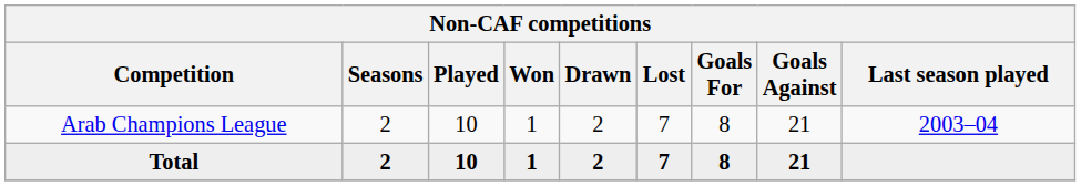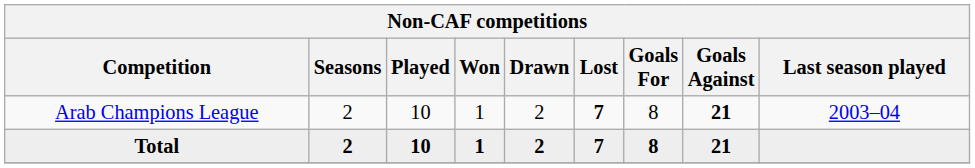 <table class="wikitable" style="font-size:95%; text-align: center;">
 <tr>
 <th colspan="9">Non-CAF competitions</th>
 </tr>
 <tr>
 <th width="220">Competition</th>
 <th width="30">Seasons</th>
 <th width="30">Played</th>
 <th width="30">Won</th>
 <th width="30">Drawn</th>
 <th width="30">Lost</th>
 <th width="30">Goals For</th>
 <th width="30">Goals Against</th>
 <th width="150">Last season played</th>
 </tr>
 <tr>
 <td><a href='#'>Arab Champions League</a></td>
 <td>2</td>
 <td>10</td>
 <td>1</td>
 <td>2</td>
-<td>7</td>
+<td><strong>7</strong></td>
 <td>8</td>
-<td>21</td>
+<td><strong>21</strong></td>
 <td><a href='#'>2003–04</a></td>
 </tr>
 <tr bgcolor=#EEEEEE>
 <td><strong>Total</strong></td>
 <td><strong>2</strong></td>
 <td><strong>10</strong></td>
 <td><strong>1</strong></td>
 <td><strong>2</strong></td>
 <td><strong>7</strong></td>
 <td><strong>8</strong></td>
 <td><strong>21</strong></td>
 <td></td>
 </tr>
 <tr>
 </tr>
 </table>
